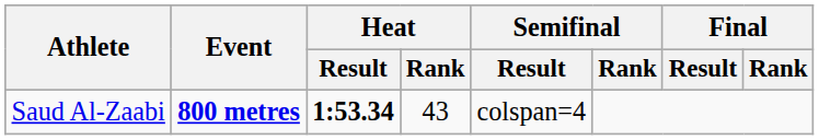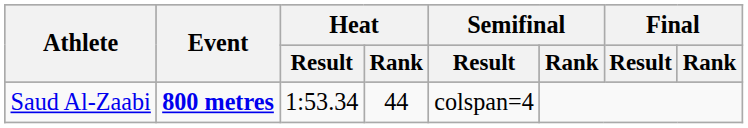 <table class="wikitable" style="font-size:90%">
 <tr>
 <th rowspan="2">Athlete</th>
 <th rowspan="2">Event</th>
 <th colspan="2">Heat</th>
 <th colspan="2">Semifinal</th>
 <th colspan="2">Final</th>
 </tr>
 <tr style="font-size:95%">
 <th>Result</th>
 <th>Rank</th>
 <th>Result</th>
 <th>Rank</th>
 <th>Result</th>
 <th>Rank</th>
 </tr>
 <tr style=text-align:center>
 <td style=text-align:left><a href='#'>Saud Al-Zaabi</a></td>
 <td style=text-align:left><strong><a href='#'>800 metres</a></strong></td>
-<td><strong>1:53.34</strong></td>
-<td>43</td>
+<td>1:53.34</td>
+<td>44</td>
 <td>colspan=4 </td>
 </tr>
 </table>
